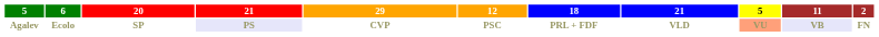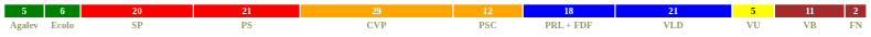 <table style="width:100%; font-size:88%; text-align:center;">
 <tr style="font-weight:bold">
 <td style="background:green; width:4.4%; color:white">5</td>
 <td style="background:green; width:4.0%; color:white">6</td>
 <td style="background:red; width:12.6%; color:white">20</td>
 <td style="background:red; width:11.9%; color:white">21</td>
 <td style="background:orange; width:17.2%; color:white">29</td>
 <td style="background:orange; width:7.7%; color:white">12</td>
 <td style="background:blue; width:10.3%; color:white">18</td>
 <td style="background:blue; width:13.1%; color:white">21</td>
 <td style="background:yellow; width:4.7%; color:black">5</td>
 <td style="background:brown; width:7.8%; color:white">11</td>
 <td style="background:brown; width:2.3%; color:white">2</td>
 </tr>
 <tr style="font-weight:bold; color:#996;">
 <td>Agalev</td>
 <td>Ecolo</td>
 <td>SP</td>
-<td style="background: lavender;">PS</td>
+<td>PS</td>
 <td>CVP</td>
 <td>PSC</td>
 <td>PRL + FDF</td>
 <td>VLD</td>
-<td style="background: lightsalmon;">VU</td>
-<td style="background: lavender;">VB</td>
+<td>VU</td>
+<td>VB</td>
 <td>FN</td>
 </tr>
 </table>
